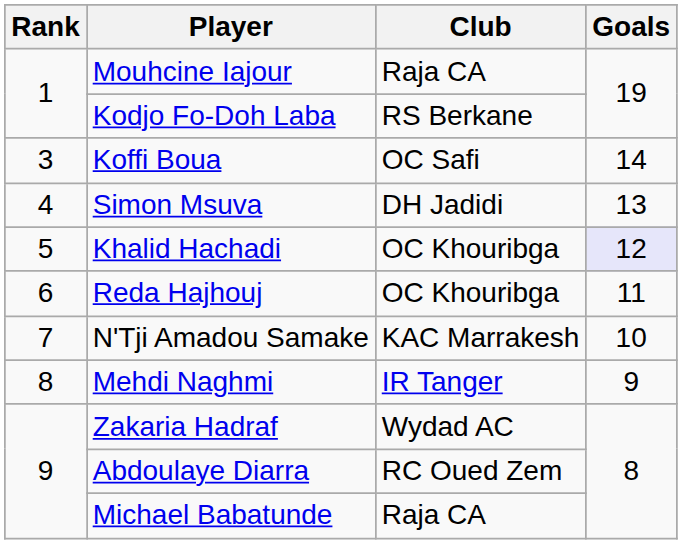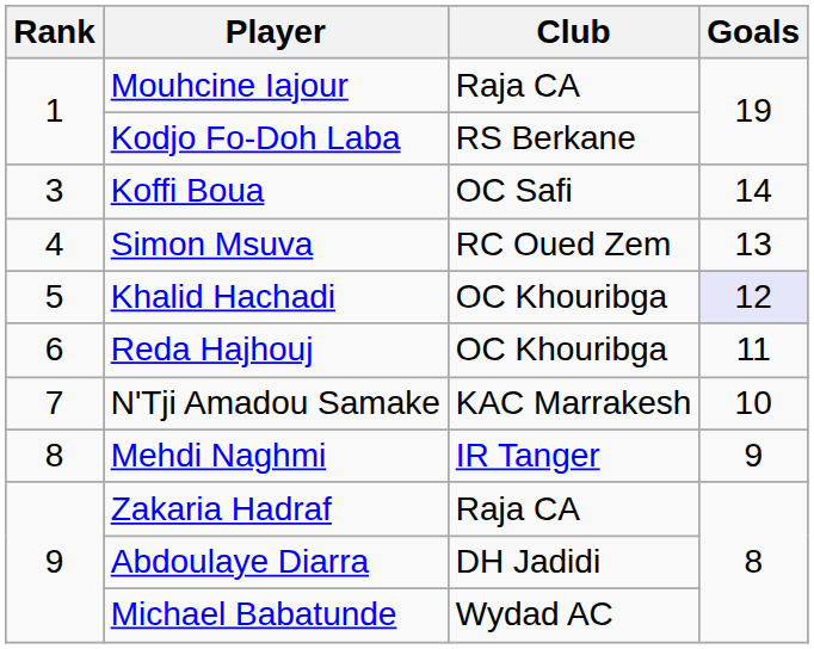 <table class="wikitable" style="text-align:center">
 <tr>
 <th>Rank</th>
 <th>Player</th>
 <th>Club</th>
 <th>Goals</th>
 </tr>
 <tr>
 <td rowspan=2>1</td>
 <td align="left"> <a href='#'>Mouhcine Iajour</a></td>
 <td align="left">Raja CA</td>
 <td rowspan=2>19</td>
 </tr>
 <tr>
 <td align="left"> <a href='#'>Kodjo Fo-Doh Laba</a></td>
 <td align="left">RS Berkane</td>
 </tr>
 <tr>
 <td>3</td>
 <td align="left"> <a href='#'>Koffi Boua</a></td>
 <td align="left">OC Safi</td>
 <td>14</td>
 </tr>
 <tr>
 <td>4</td>
 <td align="left"> <a href='#'>Simon Msuva</a></td>
-<td align="left">DH Jadidi</td>
+<td align="left">RC Oued Zem</td>
 <td>13</td>
 </tr>
 <tr>
 <td>5</td>
 <td align="left"> <a href='#'>Khalid Hachadi</a></td>
 <td align="left">OC Khouribga</td>
 <td style="background: lavender;">12</td>
 </tr>
 <tr>
 <td>6</td>
 <td align="left"> <a href='#'>Reda Hajhouj</a></td>
 <td align="left">OC Khouribga</td>
 <td>11</td>
 </tr>
 <tr>
 <td>7</td>
 <td align="left"> N'Tji Amadou Samake</td>
 <td align="left">KAC Marrakesh</td>
 <td>10</td>
 </tr>
 <tr>
 <td>8</td>
 <td align="left"> <a href='#'>Mehdi Naghmi</a></td>
 <td align="left"><a href='#'>IR Tanger</a></td>
 <td>9</td>
 </tr>
 <tr>
 <td rowspan=3>9</td>
 <td align="left"> <a href='#'>Zakaria Hadraf</a></td>
-<td align="left">Wydad AC</td>
+<td align="left">Raja CA</td>
 <td rowspan=3>8</td>
 </tr>
 <tr>
 <td align="left"> <a href='#'>Abdoulaye Diarra</a></td>
-<td align="left">RC Oued Zem</td>
+<td align="left">DH Jadidi</td>
 </tr>
 <tr>
 <td align="left"> <a href='#'>Michael Babatunde</a></td>
-<td align="left">Raja CA</td>
+<td align="left">Wydad AC</td>
 </tr>
 </table>
